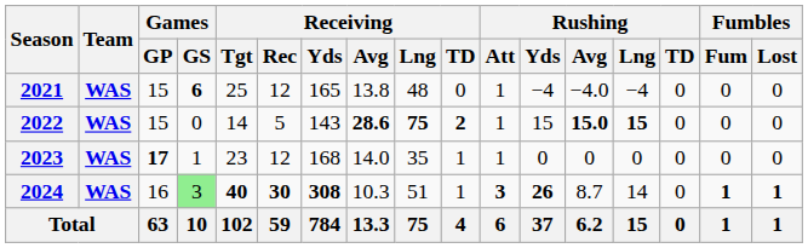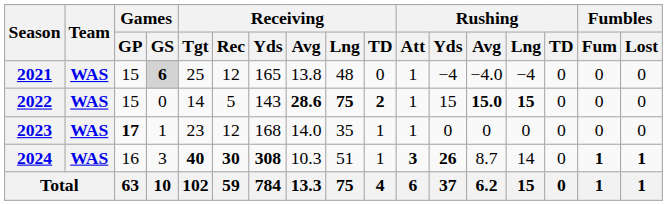 <table class=wikitable style="text-align:center;">
 <tr>
 <th rowspan=2>Season</th>
 <th rowspan=2>Team</th>
 <th colspan=2>Games</th>
 <th colspan=6>Receiving</th>
 <th colspan=5>Rushing</th>
 <th colspan="2">Fumbles</th>
 </tr>
 <tr>
 <th>GP</th>
 <th>GS</th>
 <th>Tgt</th>
 <th>Rec</th>
 <th>Yds</th>
 <th>Avg</th>
 <th>Lng</th>
 <th>TD</th>
 <th>Att</th>
 <th>Yds</th>
 <th>Avg</th>
 <th>Lng</th>
 <th>TD</th>
 <th>Fum</th>
 <th>Lost</th>
 </tr>
 <tr>
 <th><a href='#'>2021</a></th>
 <th><a href='#'>WAS</a></th>
 <td>15</td>
-<td><strong>6</strong></td>
+<td style="background: lightgrey;"><strong>6</strong></td>
 <td>25</td>
 <td>12</td>
 <td>165</td>
 <td>13.8</td>
 <td>48</td>
 <td>0</td>
 <td>1</td>
 <td>−4</td>
 <td>−4.0</td>
 <td>−4</td>
 <td>0</td>
 <td>0</td>
 <td>0</td>
 </tr>
 <tr>
 <th><a href='#'>2022</a></th>
 <th><a href='#'>WAS</a></th>
 <td>15</td>
 <td>0</td>
 <td>14</td>
 <td>5</td>
 <td>143</td>
 <td><strong>28.6</strong></td>
 <td><strong>75</strong></td>
 <td><strong>2</strong></td>
 <td>1</td>
 <td>15</td>
 <td><strong>15.0</strong></td>
 <td><strong>15</strong></td>
 <td>0</td>
 <td>0</td>
 <td>0</td>
 </tr>
 <tr>
 <th><a href='#'>2023</a></th>
 <th><a href='#'>WAS</a></th>
 <td><strong>17</strong></td>
 <td>1</td>
 <td>23</td>
 <td>12</td>
 <td>168</td>
 <td>14.0</td>
 <td>35</td>
 <td>1</td>
 <td>1</td>
 <td>0</td>
 <td>0</td>
 <td>0</td>
 <td>0</td>
 <td>0</td>
 <td>0</td>
 </tr>
 <tr>
 <th><a href='#'>2024</a></th>
 <th><a href='#'>WAS</a></th>
 <td>16</td>
-<td style="background: lightgreen;">3</td>
+<td>3</td>
 <td><strong>40</strong></td>
 <td><strong>30</strong></td>
 <td><strong>308</strong></td>
 <td>10.3</td>
 <td>51</td>
 <td>1</td>
 <td><strong>3</strong></td>
 <td><strong>26</strong></td>
 <td>8.7</td>
 <td>14</td>
 <td>0</td>
 <td><strong>1</strong></td>
 <td><strong>1</strong></td>
 </tr>
 <tr>
 <th colspan="2">Total</th>
 <th>63</th>
 <th>10</th>
 <th>102</th>
 <th>59</th>
 <th>784</th>
 <th>13.3</th>
 <th>75</th>
 <th>4</th>
 <th>6</th>
 <th>37</th>
 <th>6.2</th>
 <th>15</th>
 <th>0</th>
 <th>1</th>
 <th>1</th>
 </tr>
 </table>
